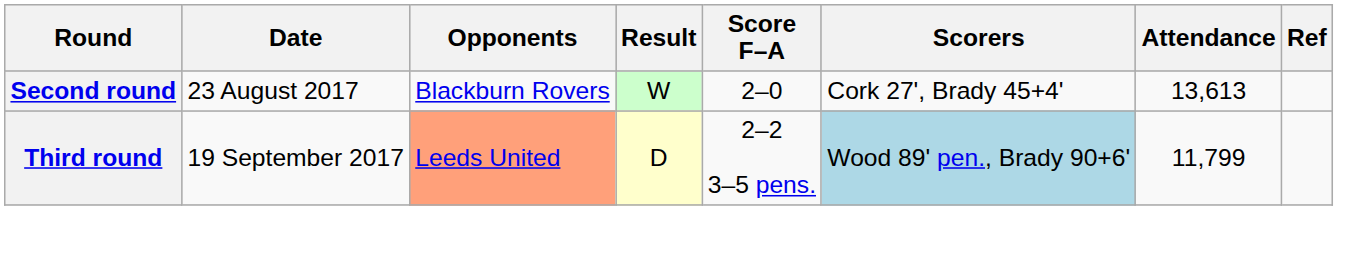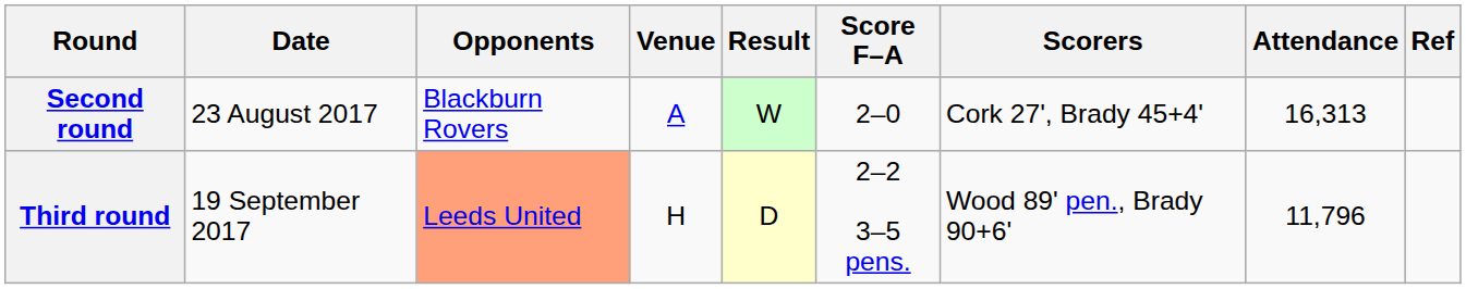 <table class="wikitable plainrowheaders sortable" style="text-align:center">
 <tr>
 <th scope="col">Round</th>
 <th scope="col">Date</th>
 <th scope="col">Opponents</th>
+<th scope="col">Venue</th>
 <th scope="col">Result</th>
 <th scope="col">Score<br>F–A</th>
 <th scope="col" class="unsortable">Scorers</th>
 <th scope="col">Attendance</th>
 <th scope="col" class="unsortable">Ref</th>
 </tr>
 <tr>
 <th scope="row"><a href='#'>Second round</a></th>
 <td align=left>23 August 2017</td>
 <td align="left"><a href='#'>Blackburn Rovers</a></td>
+<td><a href='#'>A</a></td>
 <td bgcolor="#CCFFCC">W</td>
 <td>2–0</td>
 <td align="left">Cork 27', Brady 45+4'</td>
-<td>13,613</td>
+<td>16,313</td>
 <td></td>
 </tr>
 <tr>
 <th scope="row"><a href='#'>Third round</a></th>
 <td align="left">19 September 2017</td>
 <td align="left" style="background: lightsalmon;"><a href='#'>Leeds United</a></td>
+<td>H</td>
 <td bgcolor="#ffFFCC">D</td>
 <td>2–2<br> <br>3–5 <a href='#'>pens.</a></td>
-<td align="left" style="background: lightblue;">Wood 89' <a href='#'>pen.</a>, Brady 90+6'</td>
-<td>11,799</td>
+<td align="left">Wood 89' <a href='#'>pen.</a>, Brady 90+6'</td>
+<td>11,796</td>
 <td></td>
 </tr>
 </table>
